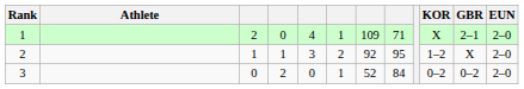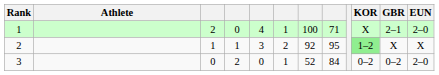 <table class="wikitable" style="text-align:center">
 <tr>
 <th>Rank</th>
 <th width=250>Athlete</th>
 <th width=30></th>
 <th width=30></th>
 <th width=30></th>
 <th width=30></th>
 <th width=30></th>
 <th width=30></th>
 <th rowspan=4></th>
 <th width=30>KOR</th>
 <th width=30>GBR</th>
 <th width=30>EUN</th>
 </tr>
 <tr style="background-color:#ccffcc;">
 <td>1</td>
 <td align=left></td>
 <td>2</td>
 <td>0</td>
 <td>4</td>
 <td>1</td>
-<td>109</td>
+<td>100</td>
 <td>71</td>
 <td>X</td>
 <td>2–1</td>
 <td>2–0</td>
 </tr>
 <tr>
 <td>2</td>
 <td align=left></td>
 <td>1</td>
 <td>1</td>
 <td>3</td>
 <td>2</td>
 <td>92</td>
 <td>95</td>
-<td>1–2</td>
+<td style="background: lightgreen;">1–2</td>
 <td>X</td>
-<td>2–0</td>
+<td>X</td>
 </tr>
 <tr>
 <td>3</td>
 <td align=left></td>
 <td>0</td>
 <td>2</td>
 <td>0</td>
 <td>1</td>
 <td>52</td>
 <td>84</td>
 <td>0–2</td>
 <td>0–2</td>
 <td>2–0</td>
 </tr>
 </table>
